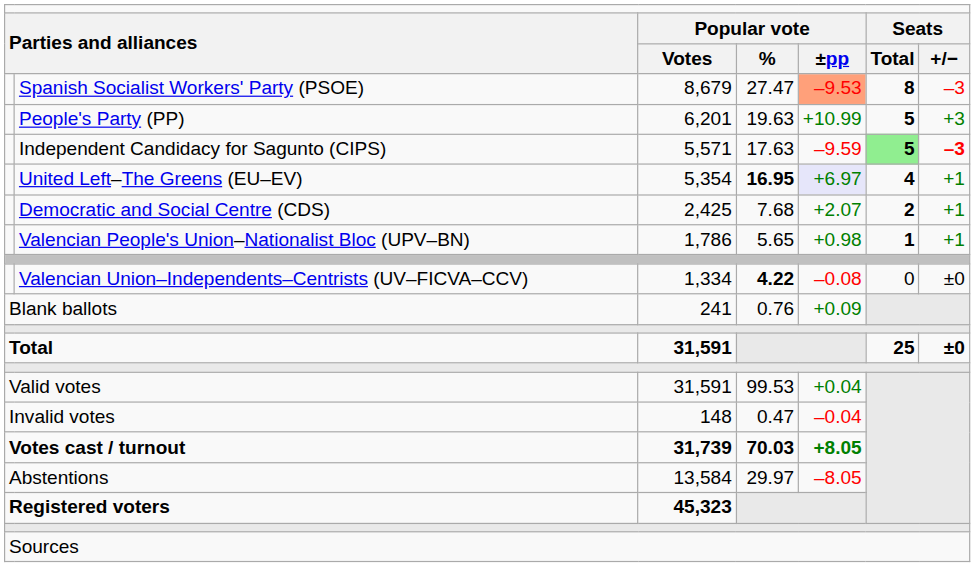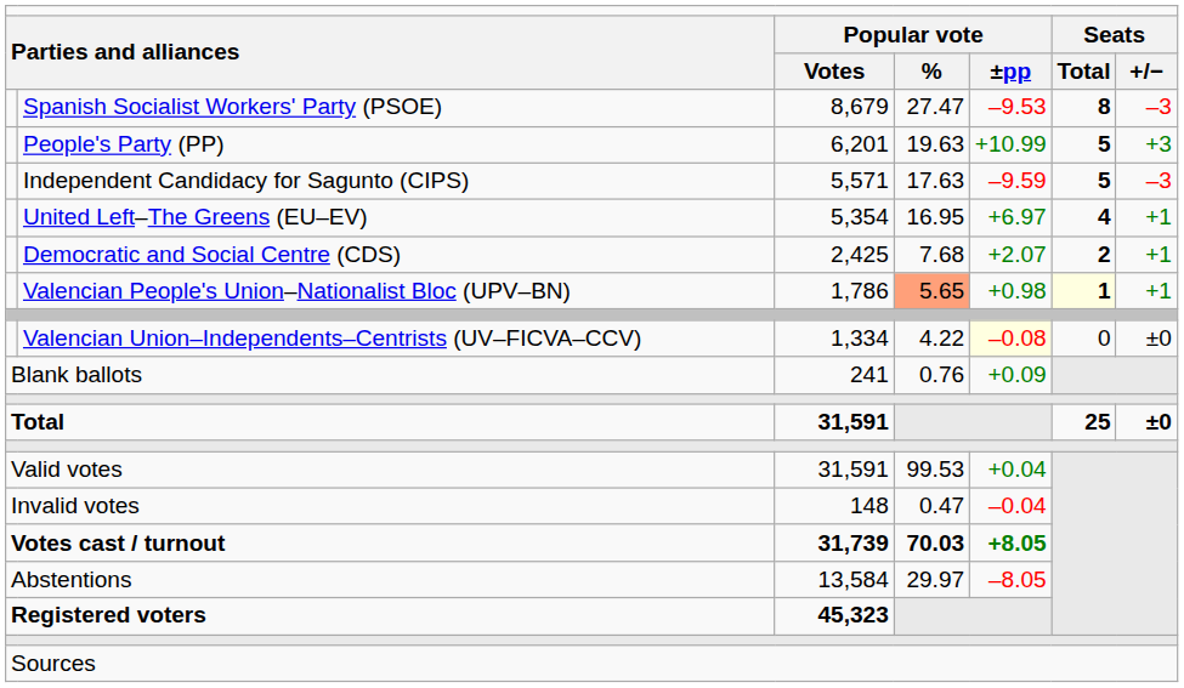 <table class="wikitable" style="text-align:right;">
 <tr>
 <td colspan="7"></td>
 </tr>
 <tr>
 <th style="text-align:left;" rowspan="2" colspan="2" width="525">Parties and alliances</th>
 <th colspan="3">Popular vote</th>
 <th colspan="2">Seats</th>
 </tr>
 <tr>
 <th width="75">Votes</th>
 <th width="45">%</th>
 <th width="45">±<a href='#'>pp</a></th>
 <th width="35">Total</th>
 <th width="35">+/−</th>
 </tr>
 <tr>
 <td width="1" style="color:inherit;background:"></td>
 <td align="left"><a href='#'>Spanish Socialist Workers' Party</a> (PSOE)</td>
 <td>8,679</td>
 <td>27.47</td>
-<td style="background: lightsalmon; color:red;">–9.53</td>
+<td style="color:red;">–9.53</td>
 <td><strong>8</strong></td>
 <td style="color:red;">–3</td>
 </tr>
 <tr>
 <td style="color:inherit;background:"></td>
 <td align="left"><a href='#'>People's Party</a> (PP)</td>
 <td>6,201</td>
 <td>19.63</td>
 <td style="color:green;">+10.99</td>
 <td><strong>5</strong></td>
 <td style="color:green;">+3</td>
 </tr>
 <tr>
 <td style="color:inherit;background:"></td>
 <td align="left">Independent Candidacy for Sagunto (CIPS)</td>
 <td>5,571</td>
 <td>17.63</td>
 <td style="color:red;">–9.59</td>
-<td style="background: lightgreen;"><strong>5</strong></td>
-<td style="color:red;"><strong>–3</strong></td>
+<td><strong>5</strong></td>
+<td style="color:red;">–3</td>
 </tr>
 <tr>
 <td style="color:inherit;background:"></td>
 <td align="left"><a href='#'>United Left</a>–<a href='#'>The Greens</a> (EU–EV)</td>
 <td>5,354</td>
-<td><strong>16.95</strong></td>
-<td style="background: lavender; color:green;">+6.97</td>
+<td>16.95</td>
+<td style="color:green;">+6.97</td>
 <td><strong>4</strong></td>
 <td style="color:green;">+1</td>
 </tr>
 <tr>
 <td style="color:inherit;background:"></td>
 <td align="left"><a href='#'>Democratic and Social Centre</a> (CDS)</td>
 <td>2,425</td>
 <td>7.68</td>
 <td style="color:green;">+2.07</td>
 <td><strong>2</strong></td>
 <td style="color:green;">+1</td>
 </tr>
 <tr>
 <td style="color:inherit;background:"></td>
 <td align="left"><a href='#'>Valencian People's Union</a>–<a href='#'>Nationalist Bloc</a> (UPV–BN)</td>
 <td>1,786</td>
-<td>5.65</td>
+<td style="background: lightsalmon;">5.65</td>
 <td style="color:green;">+0.98</td>
-<td><strong>1</strong></td>
+<td style="background: lightyellow;"><strong>1</strong></td>
 <td style="color:green;">+1</td>
 </tr>
 <tr>
 <td colspan="7" bgcolor="#C0C0C0"></td>
 </tr>
 <tr>
 <td style="color:inherit;background:"></td>
 <td align="left"><a href='#'>Valencian Union–Independents–Centrists</a> (UV–FICVA–CCV)</td>
 <td>1,334</td>
-<td><strong>4.22</strong></td>
-<td style="color:red;">–0.08</td>
+<td>4.22</td>
+<td style="background: lightyellow; color:red;">–0.08</td>
 <td>0</td>
 <td>±0</td>
 </tr>
 <tr>
 <td align="left" colspan="2">Blank ballots</td>
 <td>241</td>
 <td>0.76</td>
 <td style="color:green;">+0.09</td>
 <td bgcolor="#E9E9E9" colspan="2"></td>
 </tr>
 <tr>
 <td colspan="7" bgcolor="#E9E9E9"></td>
 </tr>
 <tr style="font-weight:bold;">
 <td align="left" colspan="2">Total</td>
 <td>31,591</td>
 <td bgcolor="#E9E9E9" colspan="2"></td>
 <td>25</td>
 <td>±0</td>
 </tr>
 <tr>
 <td colspan="7" bgcolor="#E9E9E9"></td>
 </tr>
 <tr>
 <td align="left" colspan="2">Valid votes</td>
 <td>31,591</td>
 <td>99.53</td>
 <td style="color:green;">+0.04</td>
 <td bgcolor="#E9E9E9" colspan="2" rowspan="5"></td>
 </tr>
 <tr>
 <td align="left" colspan="2">Invalid votes</td>
 <td>148</td>
 <td>0.47</td>
 <td style="color:red;">–0.04</td>
 </tr>
 <tr style="font-weight:bold;">
 <td align="left" colspan="2">Votes cast / turnout</td>
 <td>31,739</td>
 <td>70.03</td>
 <td style="color:green;">+8.05</td>
 </tr>
 <tr>
 <td align="left" colspan="2">Abstentions</td>
 <td>13,584</td>
 <td>29.97</td>
 <td style="color:red;">–8.05</td>
 </tr>
 <tr style="font-weight:bold;">
 <td align="left" colspan="2">Registered voters</td>
 <td>45,323</td>
 <td bgcolor="#E9E9E9" colspan="2"></td>
 </tr>
 <tr>
 <td colspan="7" bgcolor="#E9E9E9"></td>
 </tr>
 <tr>
 <td align="left" colspan="7">Sources</td>
 </tr>
 </table>
